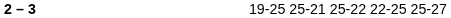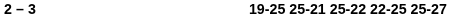 <table width=100% cellspacing=1>
 <tr>
 <th width=20%></th>
 <th width=12%></th>
 <th width=20%></th>
 <th width=33%></th>
 <td></td>
 </tr>
 <tr style=font-size:90%>
 <td align=right></td>
 <td align=center><strong>2 – 3</strong></td>
 <td><strong></strong></td>
-<td>19-25 25-21 25-22 22-25 25-27</td>
+<td><strong>19-25 25-21 25-22 22-25 25-27</strong></td>
 </tr>
 </table>
